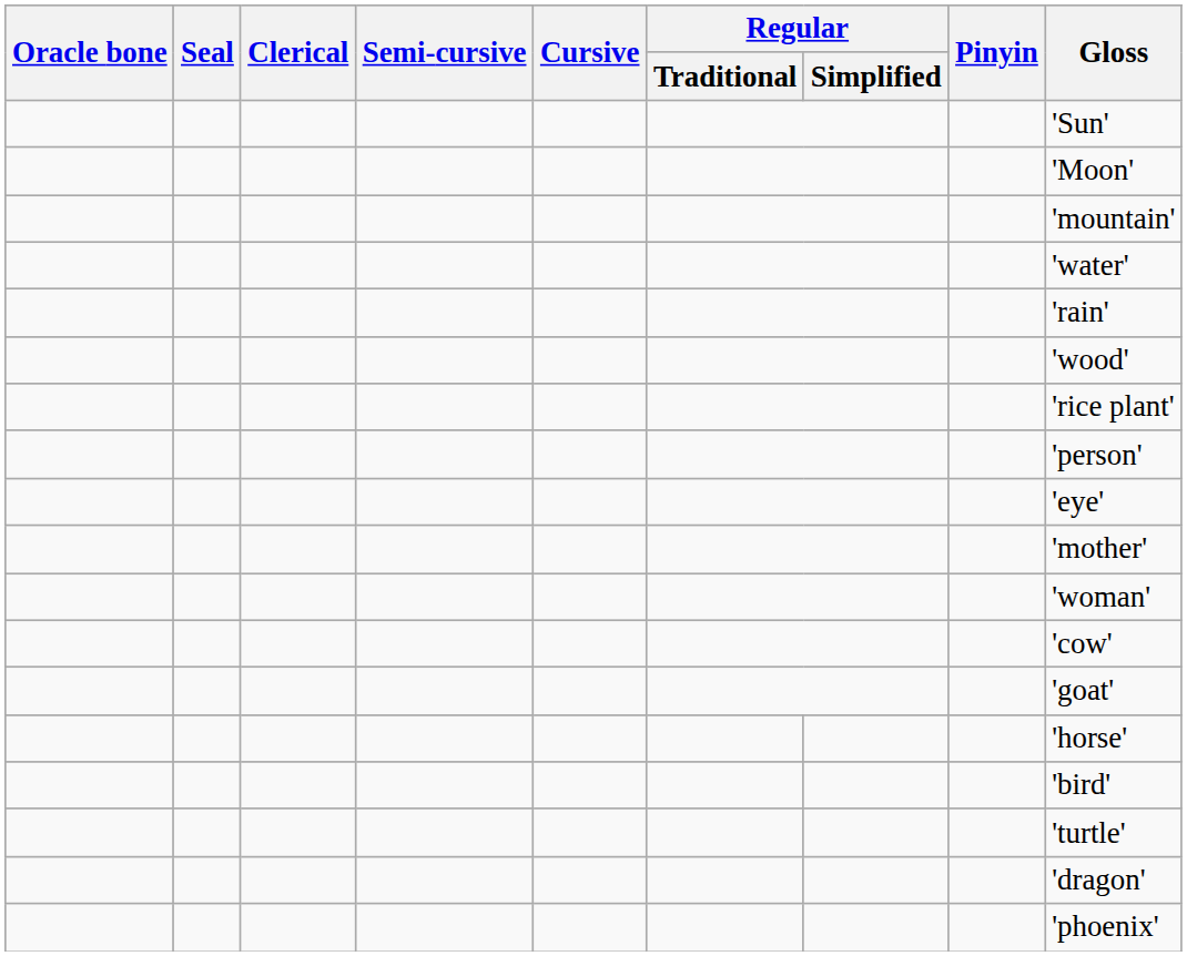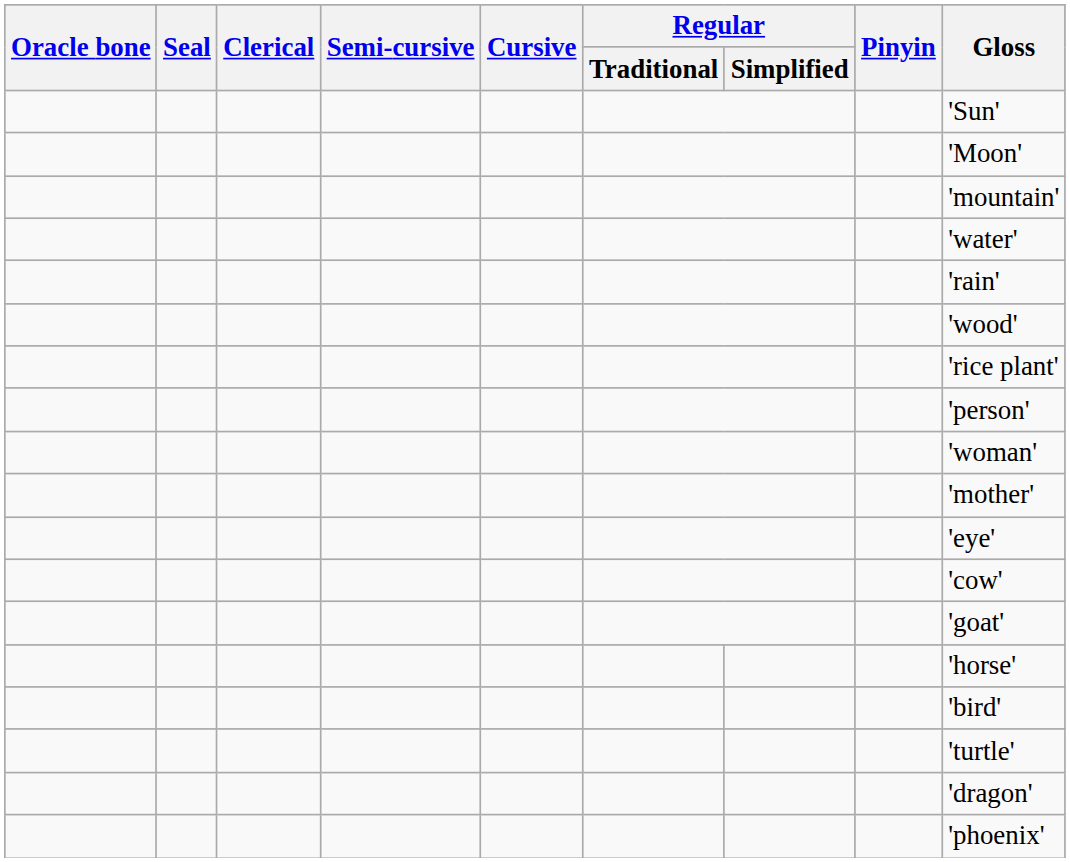 <table class="wikitable center">
 <tr>
 <th rowspan="2" scope="col"><a href='#'>Oracle <wbr>bone</a></th>
 <th rowspan="2" scope="col"><a href='#'>Seal</a></th>
 <th rowspan="2" scope="col"><a href='#'>Clerical</a></th>
 <th rowspan="2" scope="col"><a href='#'>Semi-<wbr>cursive</a></th>
 <th rowspan="2" scope="col"><a href='#'>Cursive</a></th>
 <th colspan="2" scope="col"><a href='#'>Regular</a></th>
 <th rowspan="2" scope="col"><a href='#'>Pinyin</a></th>
 <th rowspan="2" scope="col">Gloss</th>
 </tr>
 <tr>
 <th scope="col">Traditional</th>
 <th scope="col">Simplified</th>
 </tr>
 <tr>
 <td scope="row"></td>
 <td></td>
 <td></td>
 <td></td>
 <td></td>
 <td colspan="2"></td>
 <td></td>
 <td>'Sun'</td>
 </tr>
 <tr>
 <td scope="row"></td>
 <td></td>
 <td></td>
 <td></td>
 <td></td>
 <td colspan="2"></td>
 <td></td>
 <td>'Moon'</td>
 </tr>
 <tr>
 <td scope="row"></td>
 <td></td>
 <td></td>
 <td></td>
 <td></td>
 <td colspan="2"></td>
 <td></td>
 <td>'mountain'</td>
 </tr>
 <tr>
 <td scope="row"></td>
 <td></td>
 <td></td>
 <td></td>
 <td></td>
 <td colspan="2"></td>
 <td></td>
 <td>'water'</td>
 </tr>
 <tr>
 <td scope="row"></td>
 <td></td>
 <td></td>
 <td></td>
 <td></td>
 <td colspan="2"></td>
 <td></td>
 <td>'rain'</td>
 </tr>
 <tr>
 <td scope="row"></td>
 <td></td>
 <td></td>
 <td></td>
 <td></td>
 <td colspan="2"></td>
 <td></td>
 <td>'wood'</td>
 </tr>
 <tr>
 <td scope="row"></td>
 <td></td>
 <td></td>
 <td></td>
 <td></td>
 <td colspan="2"></td>
 <td></td>
 <td>'rice plant'</td>
 </tr>
 <tr>
 <td scope="row"></td>
 <td></td>
 <td></td>
 <td></td>
 <td></td>
 <td colspan="2"></td>
 <td></td>
 <td>'person'</td>
 </tr>
 <tr>
 <td scope="row"></td>
 <td></td>
 <td></td>
 <td></td>
 <td></td>
 <td colspan="2"></td>
 <td></td>
-<td>'eye'</td>
+<td>'woman'</td>
 </tr>
 <tr>
 <td scope="row"></td>
 <td></td>
 <td></td>
 <td></td>
 <td></td>
 <td colspan="2"></td>
 <td></td>
 <td>'mother'</td>
 </tr>
 <tr>
 <td scope="row"></td>
 <td></td>
 <td></td>
 <td></td>
 <td></td>
 <td colspan="2"></td>
 <td></td>
-<td>'woman'</td>
+<td>'eye'</td>
 </tr>
 <tr>
 <td scope="row"></td>
 <td></td>
 <td></td>
 <td></td>
 <td></td>
 <td colspan="2"></td>
 <td></td>
 <td>'cow'</td>
 </tr>
 <tr>
 <td scope="row"></td>
 <td></td>
 <td></td>
 <td></td>
 <td></td>
 <td colspan="2"></td>
 <td></td>
 <td>'goat'</td>
 </tr>
 <tr>
 <td scope="row"></td>
 <td></td>
 <td></td>
 <td></td>
 <td></td>
 <td></td>
 <td></td>
 <td></td>
 <td>'horse'</td>
 </tr>
 <tr>
 <td scope="row"></td>
 <td></td>
 <td></td>
 <td></td>
 <td></td>
 <td></td>
 <td></td>
 <td></td>
 <td>'bird'</td>
 </tr>
 <tr>
 <td scope="row"></td>
 <td></td>
 <td></td>
 <td></td>
 <td></td>
 <td></td>
 <td></td>
 <td></td>
 <td>'turtle'</td>
 </tr>
 <tr>
 <td scope="row"></td>
 <td></td>
 <td></td>
 <td></td>
 <td></td>
 <td></td>
 <td></td>
 <td></td>
 <td>'dragon'</td>
 </tr>
 <tr>
 <td scope="row"></td>
 <td></td>
 <td></td>
 <td></td>
 <td></td>
 <td></td>
 <td></td>
 <td></td>
 <td>'phoenix'</td>
 </tr>
 </table>
